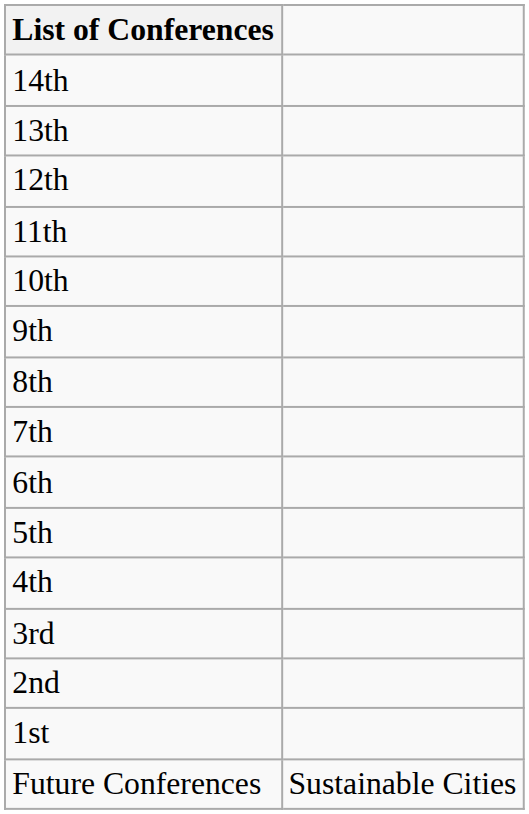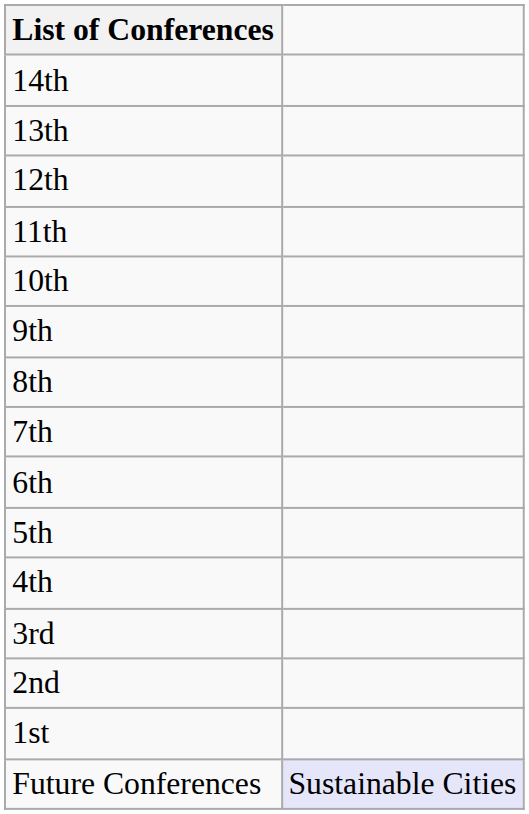 <table class="wikitable">
 <tr>
 <th>List of Conferences</th>
 </tr>
 <tr>
 <td>14th</td>
 <td></td>
 </tr>
 <tr>
 <td>13th</td>
 <td></td>
 </tr>
 <tr>
 <td>12th</td>
 <td></td>
 </tr>
 <tr>
 <td>11th</td>
 <td></td>
 </tr>
 <tr>
 <td>10th</td>
 <td></td>
 </tr>
 <tr>
 <td>9th</td>
 <td></td>
 </tr>
 <tr>
 <td>8th</td>
 <td></td>
 </tr>
 <tr>
 <td>7th</td>
 <td></td>
 </tr>
 <tr>
 <td>6th</td>
 <td></td>
 </tr>
 <tr>
 <td>5th</td>
 <td></td>
 </tr>
 <tr>
 <td>4th</td>
 <td></td>
 </tr>
 <tr>
 <td>3rd</td>
 <td></td>
 </tr>
 <tr>
 <td>2nd</td>
 <td></td>
 </tr>
 <tr>
 <td>1st</td>
 <td></td>
 </tr>
 <tr>
 <td>Future Conferences</td>
-<td>Sustainable Cities</td>
+<td style="background: lavender;">Sustainable Cities</td>
 </tr>
 </table>
